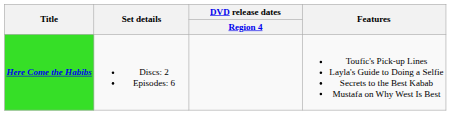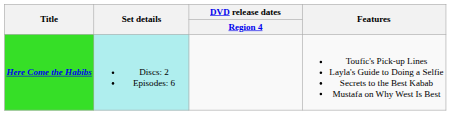 <table class="wikitable plainrowheaders" style="font-size:90%; text-align: center">
 <tr>
 <th scope="col" rowspan="2">Title</th>
 <th scope="col" rowspan="2" style="width: 10em;">Set details</th>
 <th scope="col"><a href='#'>DVD</a> release dates</th>
 <th scope="col" rowspan="2">Features</th>
 </tr>
 <tr>
 <th scope="col" style="width: 12em; font-size: 100%;"><a href='#'>Region 4</a></th>
 </tr>
 <tr>
 <th scope="row" style="text-align:center; background:#36DF27;"><em><a href='#'><span>Here Come the Habibs</span></a></em></th>
-<td><br><ul><li>Discs: 2</li><li>Episodes: 6</li></ul></td>
+<td style="background: paleturquoise;"><br><ul><li>Discs: 2</li><li>Episodes: 6</li></ul></td>
 <td></td>
 <td><br><ul><li>Toufic's Pick-up Lines</li><li>Layla's Guide to Doing a Selfie</li><li>Secrets to the Best Kabab</li><li>Mustafa on Why West Is Best</li></ul></td>
 </tr>
 </table>
